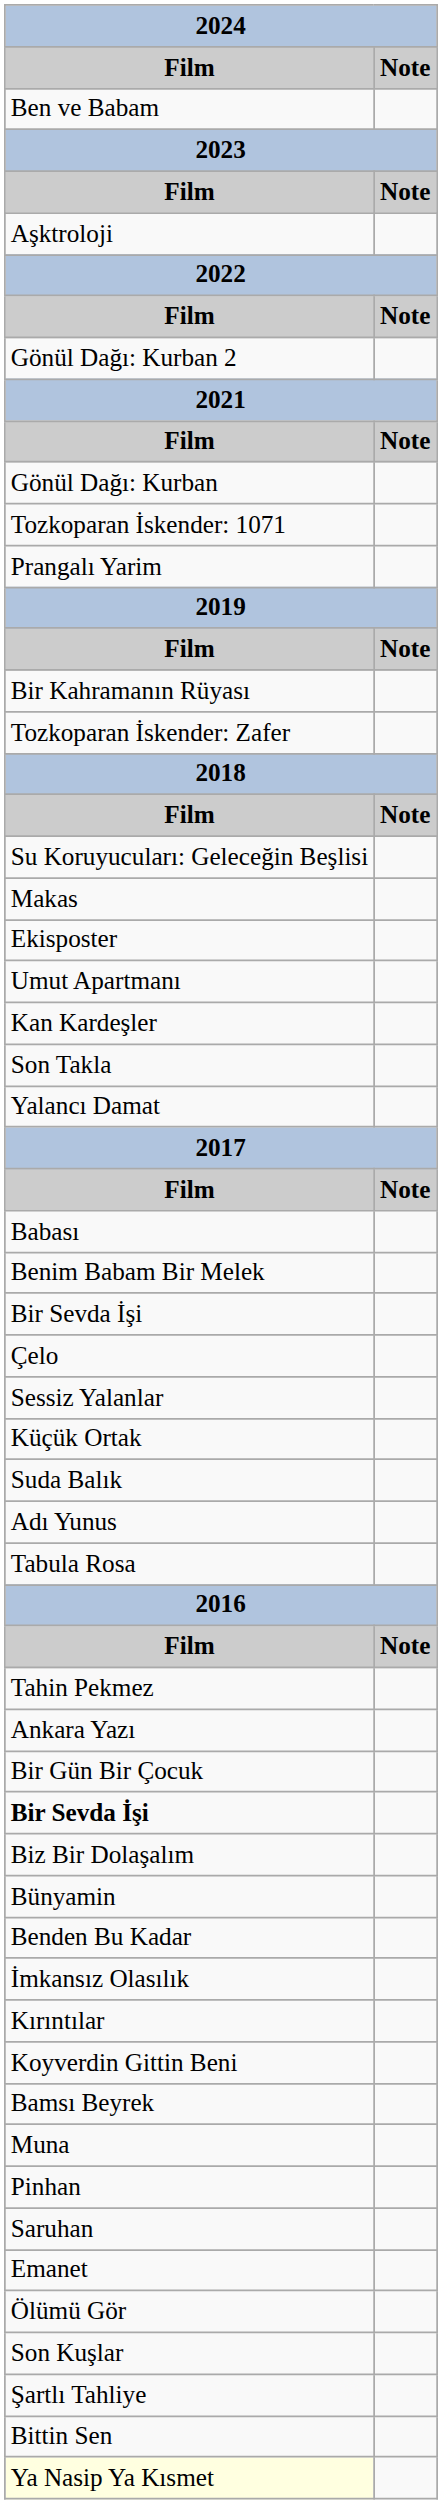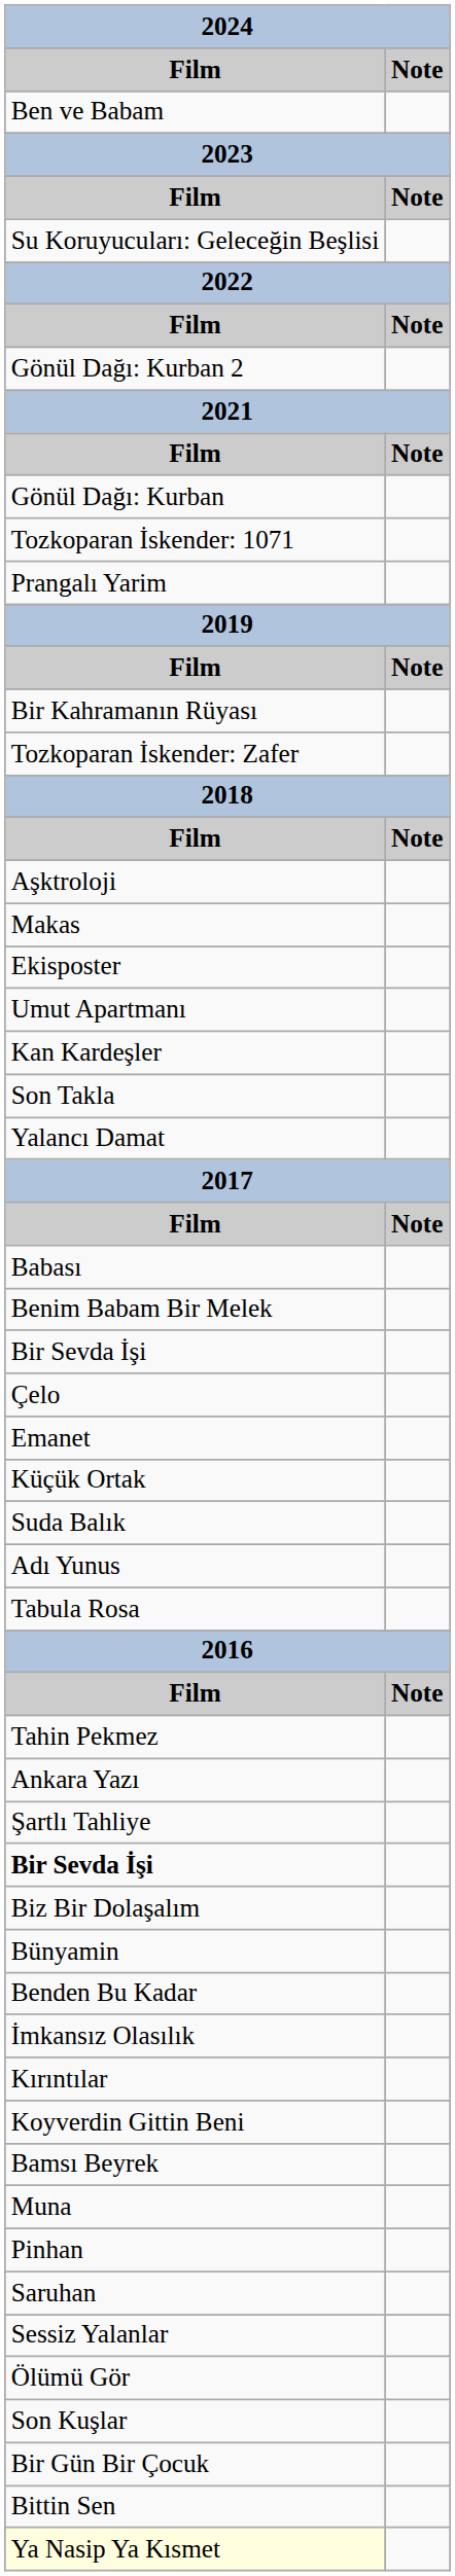 <table class="wikitable sortable" style="font-size:90%">
 <tr>
 <th colspan="2" style="background-color:LightSteelBlue">2024</th>
 </tr>
 <tr>
 <th style="background-color:#CCCCCC">Film</th>
 <th style="background-color:#CCCCCC">Note</th>
 </tr>
 <tr>
 <td>Ben ve Babam</td>
 <td></td>
 </tr>
 <tr>
 <th colspan="2" style="background-color:LightSteelBlue">2023</th>
 </tr>
 <tr>
 <th style="background-color:#CCCCCC">Film</th>
 <th style="background-color:#CCCCCC">Note</th>
 </tr>
 <tr>
-<td>Aşktroloji</td>
+<td>Su Koruyucuları: Geleceğin Beşlisi</td>
 <td></td>
 </tr>
 <tr>
 <th colspan="2" style="background-color:LightSteelBlue">2022</th>
 </tr>
 <tr>
 <th style="background-color:#CCCCCC">Film</th>
 <th style="background-color:#CCCCCC">Note</th>
 </tr>
 <tr>
 <td>Gönül Dağı: Kurban 2</td>
 <td></td>
 </tr>
 <tr>
 <th colspan="2" style="background-color:LightSteelBlue">2021</th>
 </tr>
 <tr>
 <th style="background-color:#CCCCCC">Film</th>
 <th style="background-color:#CCCCCC">Note</th>
 </tr>
 <tr>
 <td>Gönül Dağı: Kurban</td>
 <td></td>
 </tr>
 <tr>
 <td>Tozkoparan İskender: 1071</td>
 <td></td>
 </tr>
 <tr>
 <td>Prangalı Yarim</td>
 <td></td>
 </tr>
 <tr>
 <th colspan="2" style="background-color:LightSteelBlue">2019</th>
 </tr>
 <tr>
 <th style="background-color:#CCCCCC">Film</th>
 <th style="background-color:#CCCCCC">Note</th>
 </tr>
 <tr>
 <td>Bir Kahramanın Rüyası</td>
 <td></td>
 </tr>
 <tr>
 <td>Tozkoparan İskender: Zafer</td>
 <td></td>
 </tr>
 <tr>
 <th colspan="2" style="background-color:LightSteelBlue">2018</th>
 </tr>
 <tr>
 <th style="background-color:#CCCCCC">Film</th>
 <th style="background-color:#CCCCCC">Note</th>
 </tr>
 <tr>
-<td>Su Koruyucuları: Geleceğin Beşlisi</td>
+<td>Aşktroloji</td>
 <td></td>
 </tr>
 <tr>
 <td>Makas</td>
 <td></td>
 </tr>
 <tr>
 <td>Ekisposter</td>
 <td></td>
 </tr>
 <tr>
 <td>Umut Apartmanı</td>
 <td></td>
 </tr>
 <tr>
 <td>Kan Kardeşler</td>
 <td></td>
 </tr>
 <tr>
 <td>Son Takla</td>
 <td></td>
 </tr>
 <tr>
 <td>Yalancı Damat</td>
 <td></td>
 </tr>
 <tr>
 <th colspan="2" style="background-color:LightSteelBlue">2017</th>
 </tr>
 <tr>
 <th style="background-color:#CCCCCC">Film</th>
 <th style="background-color:#CCCCCC">Note</th>
 </tr>
 <tr>
 <td>Babası</td>
 <td></td>
 </tr>
 <tr>
 <td>Benim Babam Bir Melek</td>
 <td></td>
 </tr>
 <tr>
 <td>Bir Sevda İşi</td>
 <td></td>
 </tr>
 <tr>
 <td>Çelo</td>
 <td></td>
 </tr>
 <tr>
-<td>Sessiz Yalanlar</td>
+<td>Emanet</td>
 <td></td>
 </tr>
 <tr>
 <td>Küçük Ortak</td>
 <td></td>
 </tr>
 <tr>
 <td>Suda Balık</td>
 <td></td>
 </tr>
 <tr>
 <td>Adı Yunus</td>
 <td></td>
 </tr>
 <tr>
 <td>Tabula Rosa</td>
 <td></td>
 </tr>
 <tr>
 <th colspan="2" style="background-color:LightSteelBlue">2016</th>
 </tr>
 <tr>
 <th style="background-color:#CCCCCC">Film</th>
 <th style="background-color:#CCCCCC">Note</th>
 </tr>
 <tr>
 <td>Tahin Pekmez</td>
 <td></td>
 </tr>
 <tr>
 <td>Ankara Yazı</td>
 <td></td>
 </tr>
 <tr>
-<td>Bir Gün Bir Çocuk</td>
+<td>Şartlı Tahliye</td>
 <td></td>
 </tr>
 <tr>
 <td><strong>Bir Sevda İşi</strong></td>
 <td></td>
 </tr>
 <tr>
 <td>Biz Bir Dolaşalım</td>
 <td></td>
 </tr>
 <tr>
 <td>Bünyamin</td>
 <td></td>
 </tr>
 <tr>
 <td>Benden Bu Kadar</td>
 <td></td>
 </tr>
 <tr>
 <td>İmkansız Olasılık</td>
 <td></td>
 </tr>
 <tr>
 <td>Kırıntılar</td>
 <td></td>
 </tr>
 <tr>
 <td>Koyverdin Gittin Beni</td>
 <td></td>
 </tr>
 <tr>
 <td>Bamsı Beyrek</td>
 <td></td>
 </tr>
 <tr>
 <td>Muna</td>
 <td></td>
 </tr>
 <tr>
 <td>Pinhan</td>
 <td></td>
 </tr>
 <tr>
 <td>Saruhan</td>
 <td></td>
 </tr>
 <tr>
-<td>Emanet</td>
+<td>Sessiz Yalanlar</td>
 <td></td>
 </tr>
 <tr>
 <td>Ölümü Gör</td>
 <td></td>
 </tr>
 <tr>
 <td>Son Kuşlar</td>
 <td></td>
 </tr>
 <tr>
-<td>Şartlı Tahliye</td>
+<td>Bir Gün Bir Çocuk</td>
 <td></td>
 </tr>
 <tr>
 <td>Bittin Sen</td>
 <td></td>
 </tr>
 <tr>
 <td style="background: lightyellow;">Ya Nasip Ya Kısmet</td>
 <td></td>
 </tr>
 </table>
